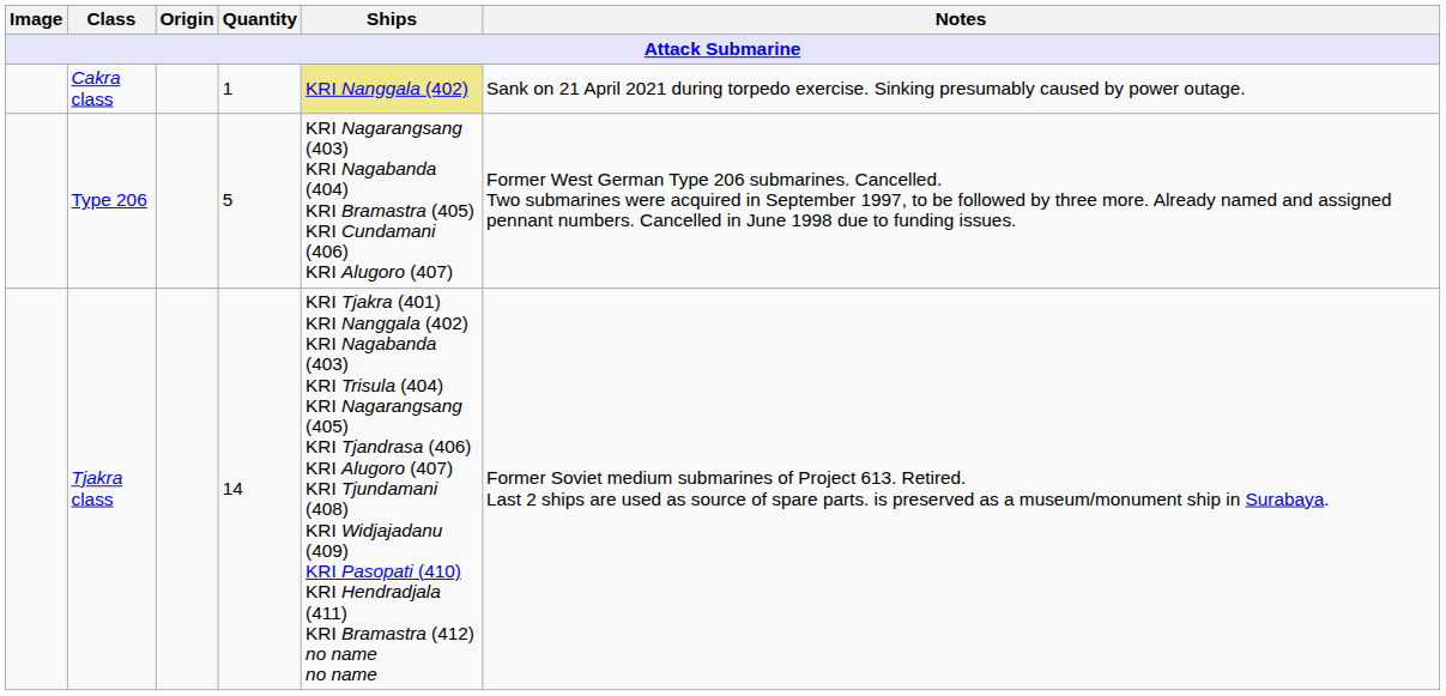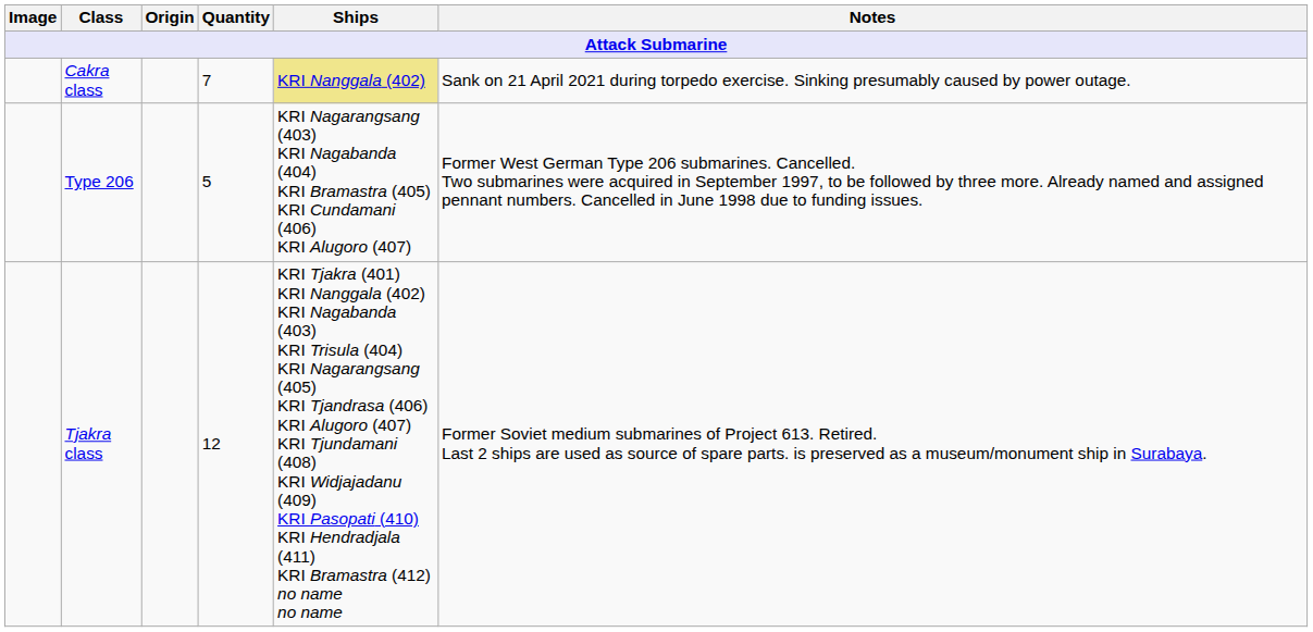 <table class="wikitable">
 <tr>
 <th style="text-align: centre;">Image</th>
 <th style="text-align: centre;">Class</th>
 <th style="text-align: centre;">Origin</th>
 <th style="text-align: centre;">Quantity</th>
 <th style="text-align: centre;">Ships</th>
 <th style="text-align: centre;">Notes</th>
 </tr>
 <tr>
 <th colspan="6" style="align: centre; background: lavender;"><a href='#'>Attack Submarine</a></th>
 </tr>
 <tr>
 <td></td>
 <td><a href='#'><em>Cakra</em> class</a></td>
 <td></td>
-<td>1</td>
+<td>7</td>
 <td style="background: khaki;"><a href='#'>KRI <em>Nanggala</em> (402)</a></td>
 <td>Sank on 21 April 2021 during torpedo exercise. Sinking presumably caused by power outage.</td>
 </tr>
 <tr>
 <td></td>
 <td><a href='#'>Type 206</a></td>
 <td></td>
 <td>5</td>
 <td>KRI <em>Nagarangsang</em> (403) <br>KRI <em>Nagabanda</em> (404) <br>KRI <em>Bramastra</em> (405) <br>KRI <em>Cundamani</em> (406) <br>KRI <em>Alugoro</em> (407)</td>
 <td>Former West German Type 206 submarines. Cancelled.<br>Two submarines were acquired in September 1997, to be followed by three more. Already named and assigned pennant numbers. Cancelled in June 1998 due to funding issues.</td>
 </tr>
 <tr>
 <td></td>
 <td><a href='#'><em>Tjakra</em> class</a></td>
 <td></td>
-<td>14</td>
+<td>12</td>
 <td>KRI <em>Tjakra</em> (401) <br>KRI <em>Nanggala</em> (402) <br>KRI <em>Nagabanda</em> (403) <br>KRI <em>Trisula</em> (404) <br>KRI <em>Nagarangsang</em> (405) <br>KRI <em>Tjandrasa</em> (406) <br>KRI <em>Alugoro</em> (407) <br>KRI <em>Tjundamani</em> (408) <br>KRI <em>Widjajadanu</em> (409) <br><a href='#'>KRI <em>Pasopati</em> (410)</a> <br>KRI <em>Hendradjala</em> (411) <br>KRI <em>Bramastra</em> (412) <br><em>no name</em> <br><em>no name</em></td>
 <td>Former Soviet medium submarines of Project 613. Retired.<br>Last 2 ships are used as source of spare parts.   is preserved as a museum/monument ship in <a href='#'>Surabaya</a>.</td>
 </tr>
 </table>
